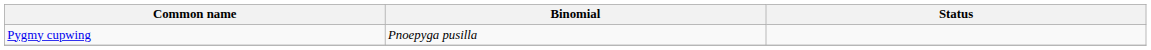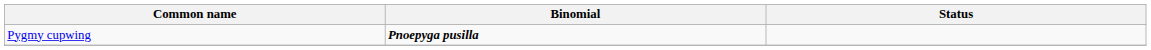 <table width=72% class="wikitable">
 <tr>
 <th width=24%>Common name</th>
 <th width=24%>Binomial</th>
 <th width=24%>Status</th>
 </tr>
 <tr>
 <td><a href='#'>Pygmy cupwing</a></td>
-<td><em>Pnoepyga pusilla</em></td>
+<td><strong><em>Pnoepyga pusilla</em></strong></td>
 <td></td>
 </tr>
 <tr>
 </tr>
 </table>
